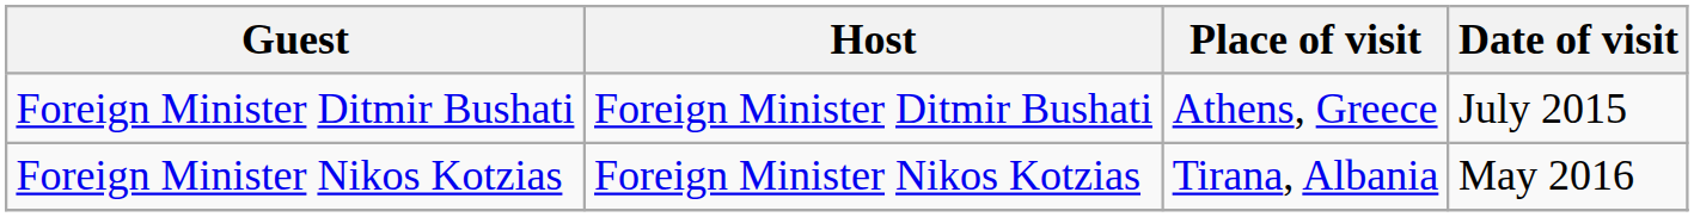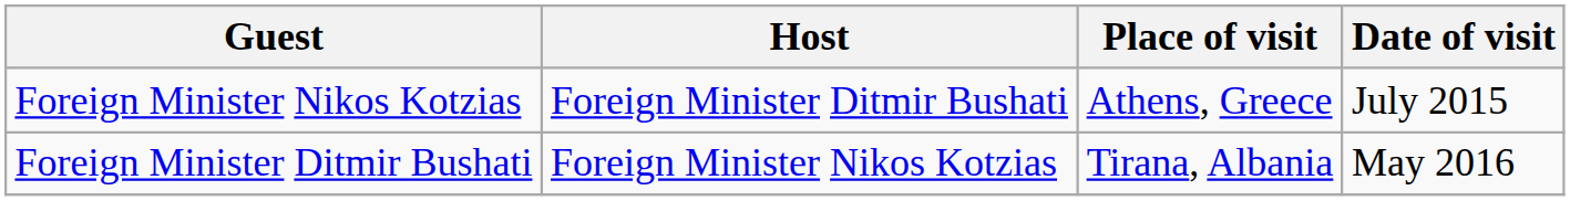 <table class="wikitable" border="1">
 <tr>
 <th>Guest</th>
 <th>Host</th>
 <th>Place of visit</th>
 <th>Date of visit</th>
 </tr>
 <tr>
-<td> <a href='#'>Foreign Minister</a> <a href='#'>Ditmir Bushati</a></td>
+<td> <a href='#'>Foreign Minister</a> <a href='#'>Nikos Kotzias</a></td>
 <td> <a href='#'>Foreign Minister</a> <a href='#'>Ditmir Bushati</a></td>
 <td><a href='#'>Athens</a>, <a href='#'>Greece</a></td>
 <td>July 2015</td>
 </tr>
 <tr>
-<td> <a href='#'>Foreign Minister</a> <a href='#'>Nikos Kotzias</a></td>
+<td> <a href='#'>Foreign Minister</a> <a href='#'>Ditmir Bushati</a></td>
 <td> <a href='#'>Foreign Minister</a> <a href='#'>Nikos Kotzias</a></td>
 <td><a href='#'>Tirana</a>, <a href='#'>Albania</a></td>
 <td>May 2016</td>
 </tr>
 <tr>
 </tr>
 </table>
